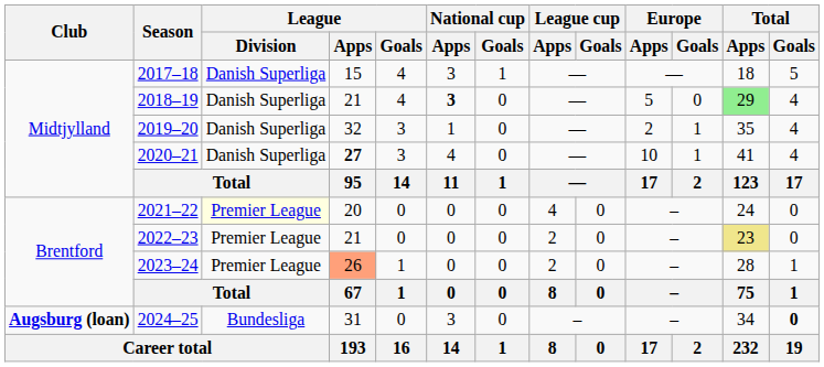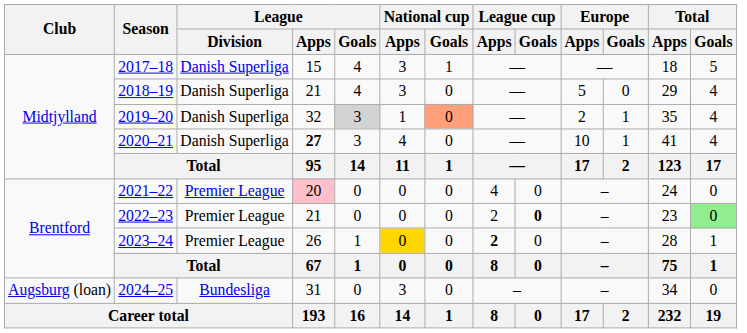 <table class="wikitable" style="text-align:center">
 <tr>
 <th rowspan="2">Club</th>
 <th rowspan="2">Season</th>
 <th colspan="3">League</th>
 <th colspan="2">National cup</th>
 <th colspan="2">League cup</th>
 <th colspan="2">Europe</th>
 <th colspan="2">Total</th>
 </tr>
 <tr>
 <th>Division</th>
 <th>Apps</th>
 <th>Goals</th>
 <th>Apps</th>
 <th>Goals</th>
 <th>Apps</th>
 <th>Goals</th>
 <th>Apps</th>
 <th>Goals</th>
 <th>Apps</th>
 <th>Goals</th>
 </tr>
 <tr>
 <td rowspan="5"><a href='#'>Midtjylland</a></td>
 <td><a href='#'>2017–18</a></td>
 <td><a href='#'>Danish Superliga</a></td>
 <td>15</td>
 <td>4</td>
 <td>3</td>
 <td>1</td>
 <td colspan="2">—</td>
 <td colspan="2">—</td>
 <td>18</td>
 <td>5</td>
 </tr>
 <tr>
 <td><a href='#'>2018–19</a></td>
 <td>Danish Superliga</td>
 <td>21</td>
 <td>4</td>
-<td><strong>3</strong></td>
+<td>3</td>
 <td>0</td>
 <td colspan="2">—</td>
 <td>5</td>
 <td>0</td>
-<td style="background: lightgreen;">29</td>
+<td>29</td>
 <td>4</td>
 </tr>
 <tr>
 <td><a href='#'>2019–20</a></td>
 <td>Danish Superliga</td>
 <td>32</td>
-<td>3</td>
+<td style="background: lightgrey;">3</td>
 <td>1</td>
-<td>0</td>
+<td style="background: lightsalmon;">0</td>
 <td colspan="2">—</td>
 <td>2</td>
 <td>1</td>
 <td>35</td>
 <td>4</td>
 </tr>
 <tr>
 <td><a href='#'>2020–21</a></td>
 <td>Danish Superliga</td>
 <td><strong>27</strong></td>
 <td>3</td>
 <td>4</td>
 <td>0</td>
 <td colspan="2">—</td>
 <td>10</td>
 <td>1</td>
 <td>41</td>
 <td>4</td>
 </tr>
 <tr>
 <th colspan="2">Total</th>
 <th>95</th>
 <th>14</th>
 <th>11</th>
 <th>1</th>
 <th colspan="2">—</th>
 <th>17</th>
 <th>2</th>
 <th>123</th>
 <th>17</th>
 </tr>
 <tr>
 <td rowspan="4"><a href='#'>Brentford</a></td>
 <td><a href='#'>2021–22</a></td>
-<td style="background: lightyellow;"><a href='#'>Premier League</a></td>
-<td>20</td>
+<td><a href='#'>Premier League</a></td>
+<td style="background: pink;">20</td>
 <td>0</td>
 <td>0</td>
 <td>0</td>
 <td>4</td>
 <td>0</td>
 <td colspan="2">–</td>
 <td>24</td>
 <td>0</td>
 </tr>
 <tr>
 <td><a href='#'>2022–23</a></td>
 <td>Premier League</td>
 <td>21</td>
 <td>0</td>
 <td>0</td>
 <td>0</td>
 <td>2</td>
-<td>0</td>
+<td><strong>0</strong></td>
 <td colspan="2">–</td>
-<td style="background: khaki;">23</td>
-<td>0</td>
+<td>23</td>
+<td style="background: lightgreen;">0</td>
 </tr>
 <tr>
 <td><a href='#'>2023–24</a></td>
 <td>Premier League</td>
-<td style="background: lightsalmon;">26</td>
+<td>26</td>
 <td>1</td>
+<td style="background: gold;">0</td>
 <td>0</td>
-<td>0</td>
-<td>2</td>
+<td><strong>2</strong></td>
 <td>0</td>
 <td colspan="2">–</td>
 <td>28</td>
 <td>1</td>
 </tr>
 <tr>
 <th colspan="2">Total</th>
 <th>67</th>
 <th>1</th>
 <th>0</th>
 <th>0</th>
 <th>8</th>
 <th>0</th>
 <th colspan="2">–</th>
 <th>75</th>
 <th>1</th>
 </tr>
 <tr>
-<td><strong><a href='#'>Augsburg</a> (loan)</strong></td>
+<td><a href='#'>Augsburg</a> (loan)</td>
 <td><a href='#'>2024–25</a></td>
 <td><a href='#'>Bundesliga</a></td>
 <td>31</td>
 <td>0</td>
 <td>3</td>
 <td>0</td>
 <td colspan="2">–</td>
 <td colspan="2">–</td>
 <td>34</td>
-<td><strong>0</strong></td>
+<td>0</td>
 </tr>
 <tr>
 <th colspan="3">Career total</th>
 <th>193</th>
 <th>16</th>
 <th>14</th>
 <th>1</th>
 <th>8</th>
 <th>0</th>
 <th>17</th>
 <th>2</th>
 <th>232</th>
 <th>19</th>
 </tr>
 </table>
